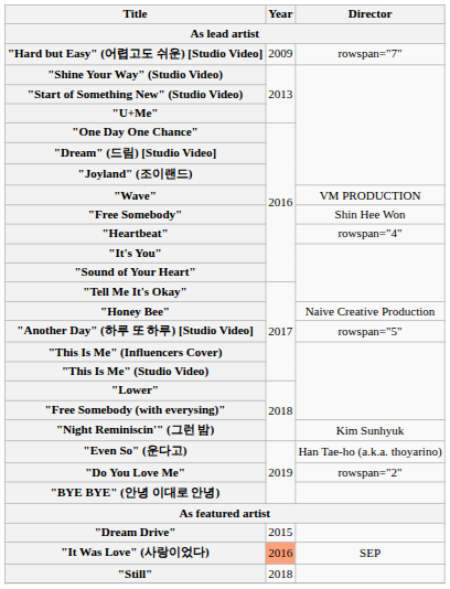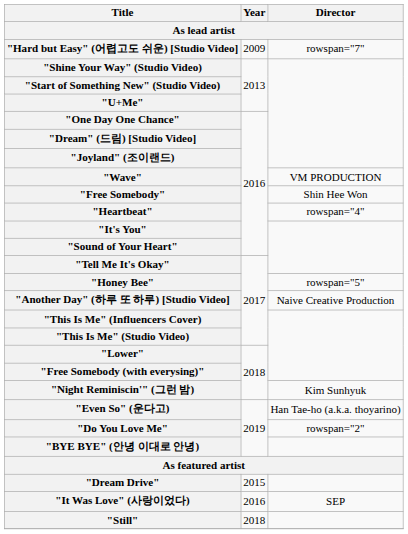 <table class="wikitable plainrowheaders" style="text-align:center; table-layout:fixed; margin-right:0">
 <tr>
 <th>Title</th>
 <th>Year</th>
 <th>Director</th>
 </tr>
 <tr>
 <th colspan=3>As lead artist</th>
 </tr>
 <tr>
 <th scope=row>"Hard but Easy" (어렵고도 쉬운) [Studio Video]<br></th>
 <td>2009</td>
 <td>rowspan="7" </td>
 </tr>
 <tr>
 <th scope=row>"Shine Your Way" (Studio Video)<br></th>
 <td rowspan="3">2013</td>
 </tr>
 <tr>
 <th scope=row>"Start of Something New" (Studio Video)<br></th>
 </tr>
 <tr>
 <th scope=row>"U+Me"</th>
 </tr>
 <tr>
 <th scope=row>"One Day One Chance"<br></th>
 <td rowspan="8">2016</td>
 </tr>
 <tr>
 <th scope=row>"Dream" (드림) [Studio Video]</th>
 </tr>
 <tr>
 <th scope=row>"Joyland" (조이랜드)<br></th>
 </tr>
 <tr>
 <th scope=row>"Wave"<br></th>
 <td>VM PRODUCTION</td>
 </tr>
 <tr>
 <th scope=row>"Free Somebody"</th>
 <td>Shin Hee Won</td>
 </tr>
 <tr>
 <th scope=row>"Heartbeat"<br></th>
 <td>rowspan="4" </td>
 </tr>
 <tr>
 <th scope=row>"It's You"<br></th>
 </tr>
 <tr>
 <th scope=row>"Sound of Your Heart"<br></th>
 </tr>
 <tr>
 <th scope=row>"Tell Me It's Okay"<br></th>
 <td rowspan="5">2017</td>
 </tr>
 <tr>
 <th scope=row>"Honey Bee"<br></th>
-<td>Naive Creative Production</td>
+<td>rowspan="5" </td>
 </tr>
 <tr>
 <th scope=row>"Another Day" (하루 또 하루) [Studio Video]<br></th>
-<td>rowspan="5" </td>
+<td>Naive Creative Production</td>
 </tr>
 <tr>
 <th scope=row>"This Is Me" (Influencers Cover)<br></th>
 </tr>
 <tr>
 <th scope=row>"This Is Me" (Studio Video)<br></th>
 </tr>
 <tr>
 <th scope=row>"Lower"<br></th>
 <td rowspan="3">2018</td>
 </tr>
 <tr>
 <th scope=row>"Free Somebody (with everysing)"<br></th>
 </tr>
 <tr>
 <th scope=row>"Night Reminiscin'" (그런 밤)<br></th>
 <td>Kim Sunhyuk</td>
 </tr>
 <tr>
 <th scope=row>"Even So" (운다고)</th>
 <td rowspan="3">2019</td>
 <td>Han Tae-ho (a.k.a. thoyarino)</td>
 </tr>
 <tr>
 <th scope=row>"Do You Love Me"<br></th>
 <td>rowspan="2" </td>
 </tr>
 <tr>
 <th scope=row>"BYE BYE" (안녕 이대로 안녕)</th>
 </tr>
 <tr>
 <th colspan=3>As featured artist</th>
 </tr>
 <tr>
 <th scope=row>"Dream Drive"<br></th>
 <td>2015</td>
 <td></td>
 </tr>
 <tr>
 <th scope=row>"It Was Love" (사랑이었다)<br></th>
-<td style="background: lightsalmon;">2016</td>
+<td>2016</td>
 <td>SEP</td>
 </tr>
 <tr>
 <th scope=row>"Still" <br></th>
 <td>2018</td>
 <td></td>
 </tr>
 <tr>
 </tr>
 </table>
